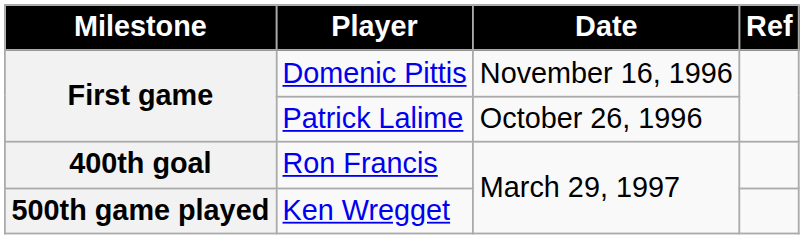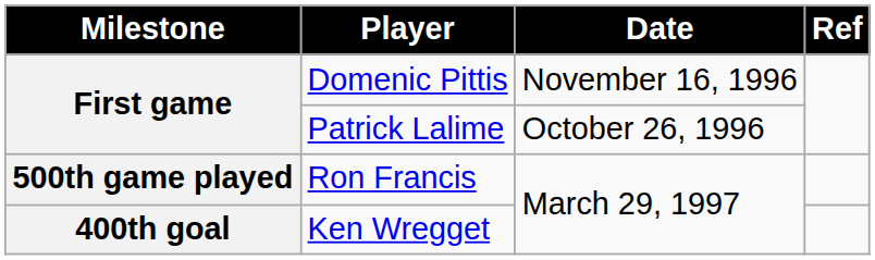 <table class="wikitable">
 <tr>
 <th style="color:white; background:#000000; ">Milestone</th>
 <th style="color:white; background:#000000; ">Player</th>
 <th style="color:white; background:#000000; ">Date</th>
 <th style="color:white; background:#000000; ">Ref</th>
 </tr>
 <tr>
 <th rowspan=2>First game</th>
 <td><a href='#'>Domenic Pittis</a></td>
 <td>November 16, 1996</td>
 <td rowspan=2></td>
 </tr>
 <tr>
 <td><a href='#'>Patrick Lalime</a></td>
 <td>October 26, 1996</td>
 </tr>
 <tr>
-<th>400th goal</th>
+<th>500th game played</th>
 <td><a href='#'>Ron Francis</a></td>
 <td rowspan=2>March 29, 1997</td>
 <td></td>
 </tr>
 <tr>
-<th>500th game played</th>
+<th>400th goal</th>
 <td><a href='#'>Ken Wregget</a></td>
 <td></td>
 </tr>
 </table>
